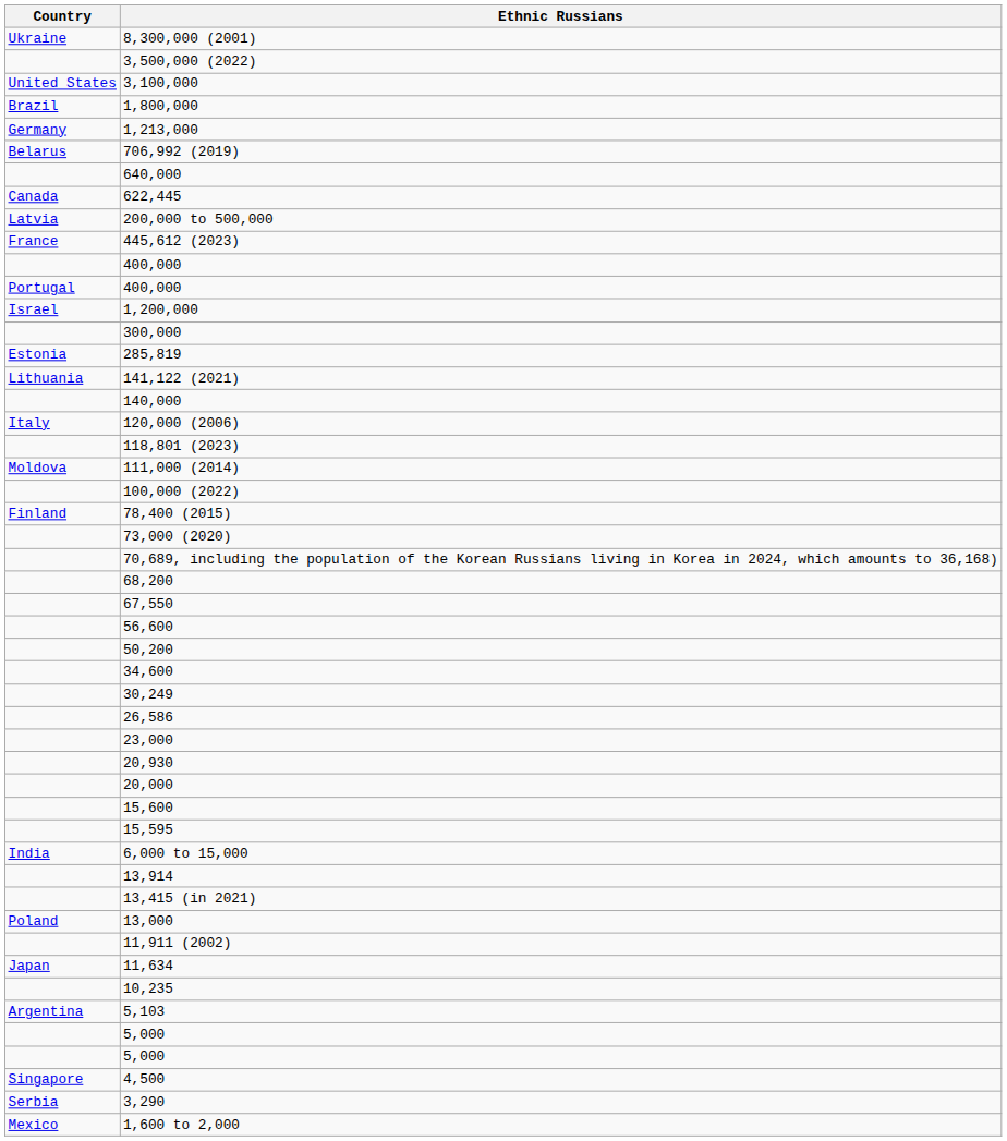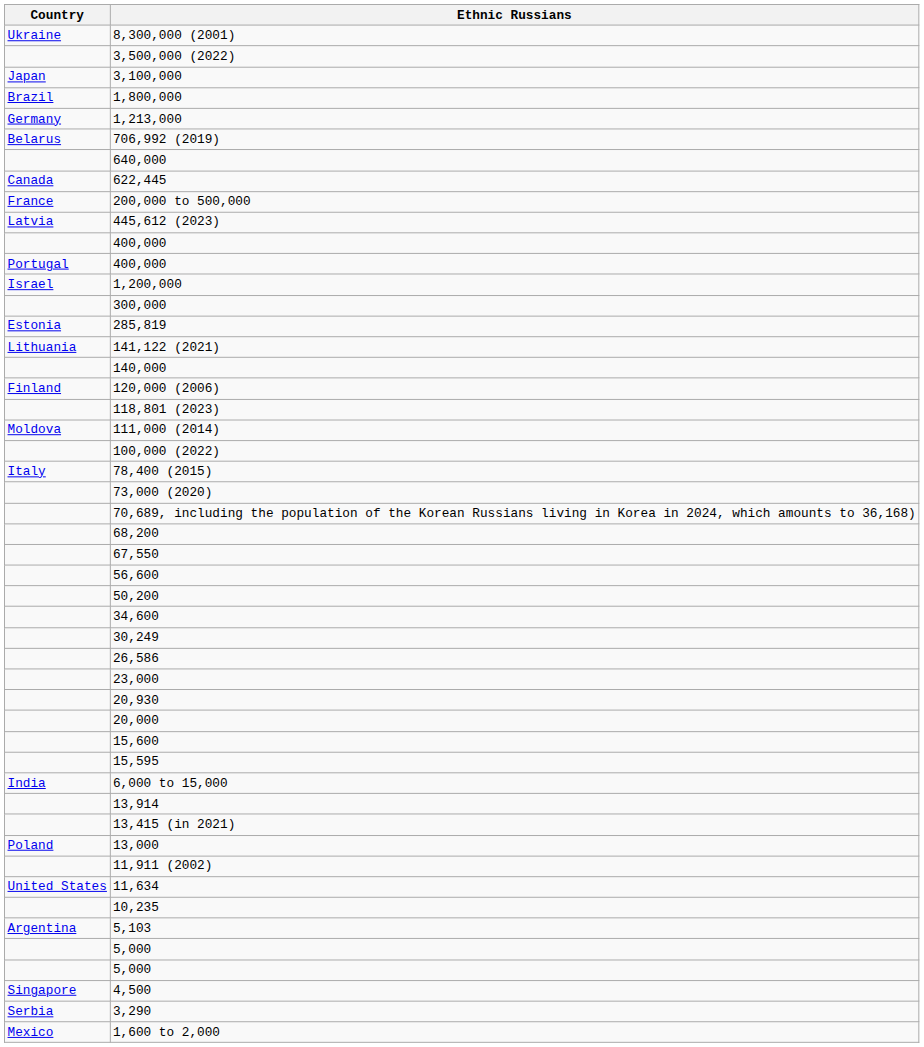 <table class="wikitable sortable">
 <tr>
 <th>Country</th>
 <th data-sort-type=number>Ethnic Russians</th>
 </tr>
 <tr>
 <td> <a href='#'>Ukraine</a></td>
 <td>8,300,000 (2001)</td>
 </tr>
 <tr>
 <td></td>
 <td>3,500,000 (2022)</td>
 </tr>
 <tr>
-<td> <a href='#'>United States</a></td>
+<td> <a href='#'>Japan</a></td>
 <td>3,100,000</td>
 </tr>
 <tr>
 <td> <a href='#'>Brazil</a></td>
 <td>1,800,000</td>
 </tr>
 <tr>
 <td> <a href='#'>Germany</a></td>
 <td>1,213,000</td>
 </tr>
 <tr>
 <td> <a href='#'>Belarus</a></td>
 <td>706,992 (2019)</td>
 </tr>
 <tr>
 <td></td>
 <td>640,000</td>
 </tr>
 <tr>
 <td> <a href='#'>Canada</a></td>
 <td>622,445</td>
 </tr>
 <tr>
-<td> <a href='#'>Latvia</a></td>
+<td> <a href='#'>France</a></td>
 <td>200,000 to 500,000 </td>
 </tr>
 <tr>
-<td> <a href='#'>France</a></td>
+<td> <a href='#'>Latvia</a></td>
 <td>445,612 (2023)</td>
 </tr>
 <tr>
 <td></td>
 <td>400,000</td>
 </tr>
 <tr>
 <td> <a href='#'>Portugal</a></td>
 <td>400,000 </td>
 </tr>
 <tr>
 <td> <a href='#'>Israel</a></td>
 <td>1,200,000</td>
 </tr>
 <tr>
 <td></td>
 <td>300,000</td>
 </tr>
 <tr>
 <td> <a href='#'>Estonia</a></td>
 <td>285,819</td>
 </tr>
 <tr>
 <td> <a href='#'>Lithuania</a></td>
 <td>141,122 (2021)</td>
 </tr>
 <tr>
 <td></td>
 <td>140,000</td>
 </tr>
 <tr>
-<td> <a href='#'>Italy</a></td>
+<td> <a href='#'>Finland</a></td>
 <td>120,000 (2006)</td>
 </tr>
 <tr>
 <td></td>
 <td>118,801 (2023)</td>
 </tr>
 <tr>
 <td> <a href='#'>Moldova</a></td>
 <td>111,000 (2014)</td>
 </tr>
 <tr>
 <td></td>
 <td>100,000 (2022)</td>
 </tr>
 <tr>
-<td> <a href='#'>Finland</a></td>
+<td> <a href='#'>Italy</a></td>
 <td>78,400 (2015)</td>
 </tr>
 <tr>
 <td></td>
 <td>73,000 (2020)</td>
 </tr>
 <tr>
 <td></td>
 <td>70,689, including the population of the Korean Russians living in Korea in 2024, which amounts to 36,168)</td>
 </tr>
 <tr>
 <td></td>
 <td>68,200</td>
 </tr>
 <tr>
 <td></td>
 <td>67,550</td>
 </tr>
 <tr>
 <td></td>
 <td>56,600</td>
 </tr>
 <tr>
 <td></td>
 <td>50,200</td>
 </tr>
 <tr>
 <td></td>
 <td>34,600</td>
 </tr>
 <tr>
 <td></td>
 <td>30,249</td>
 </tr>
 <tr>
 <td></td>
 <td>26,586</td>
 </tr>
 <tr>
 <td></td>
 <td>23,000</td>
 </tr>
 <tr>
 <td></td>
 <td>20,930</td>
 </tr>
 <tr>
 <td></td>
 <td>20,000</td>
 </tr>
 <tr>
 <td></td>
 <td>15,600</td>
 </tr>
 <tr>
 <td></td>
 <td>15,595</td>
 </tr>
 <tr>
 <td> <a href='#'>India</a></td>
 <td>6,000 to 15,000</td>
 </tr>
 <tr>
 <td></td>
 <td>13,914</td>
 </tr>
 <tr>
 <td></td>
 <td>13,415 (in 2021)</td>
 </tr>
 <tr>
 <td> <a href='#'>Poland</a></td>
 <td>13,000</td>
 </tr>
 <tr>
 <td></td>
 <td>11,911 (2002)</td>
 </tr>
 <tr>
-<td> <a href='#'>Japan</a></td>
+<td> <a href='#'>United States</a></td>
 <td>11,634</td>
 </tr>
 <tr>
 <td></td>
 <td>10,235</td>
 </tr>
 <tr>
 <td> <a href='#'>Argentina</a></td>
 <td>5,103</td>
 </tr>
 <tr>
 <td></td>
 <td>5,000</td>
 </tr>
 <tr>
 <td></td>
 <td>5,000</td>
 </tr>
 <tr>
 <td> <a href='#'>Singapore</a></td>
 <td>4,500</td>
 </tr>
 <tr>
 <td> <a href='#'>Serbia</a></td>
 <td>3,290</td>
 </tr>
 <tr>
 <td> <a href='#'>Mexico</a></td>
 <td>1,600 to 2,000</td>
 </tr>
 </table>
